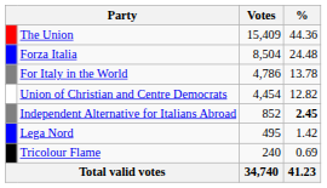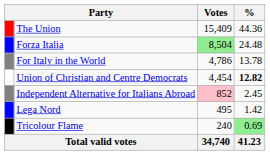 <table class="wikitable">
 <tr>
 <th colspan="2" style="width: 130px">Party</th>
 <th style="width: 50px">Votes</th>
 <th style="width: 40px">%</th>
 </tr>
 <tr>
 <td style="background-color:red">  </td>
 <td style="text-align: left"><a href='#'>The Union</a></td>
 <td style="text-align: right">15,409</td>
 <td style="text-align: right">44.36</td>
 </tr>
 <tr>
 <td style="background-color:blue">  </td>
 <td style="text-align: left"><a href='#'>Forza Italia</a></td>
-<td style="text-align: right">8,504</td>
+<td style="background: lightgreen; text-align: right">8,504</td>
 <td style="text-align: right">24.48</td>
 </tr>
 <tr>
 <td style="background-color:grey">  </td>
 <td style="text-align: left"><a href='#'>For Italy in the World</a></td>
 <td align="right">4,786</td>
 <td align="right">13.78</td>
 </tr>
 <tr>
 <td style="background-color:white">  </td>
 <td style="text-align: left"><a href='#'>Union of Christian and Centre Democrats</a></td>
 <td align="right">4,454</td>
-<td align="right">12.82</td>
+<td align="right"><strong>12.82</strong></td>
 </tr>
 <tr>
 <td style="background-color:grey">  </td>
 <td style="text-align: left"><a href='#'>Independent Alternative for Italians Abroad</a></td>
-<td align="right">852</td>
-<td align="right"><strong>2.45</strong></td>
+<td align="right" style="background: pink;">852</td>
+<td align="right">2.45</td>
 </tr>
 <tr>
 <td style="background-color:blue">  </td>
 <td style="text-align: left"><a href='#'>Lega Nord</a></td>
 <td align="right">495</td>
 <td align="right">1.42</td>
 </tr>
 <tr>
 <td style="background-color:black">  </td>
 <td style="text-align: left"><a href='#'>Tricolour Flame</a></td>
 <td align="right">240</td>
-<td align="right">0.69</td>
+<td align="right" style="background: lightgreen;">0.69</td>
 </tr>
 <tr bgcolor="white">
 <th align="right" colspan=2>Total valid votes</th>
 <th align="right">34,740</th>
 <th align="right">41.23</th>
 </tr>
 </table>
